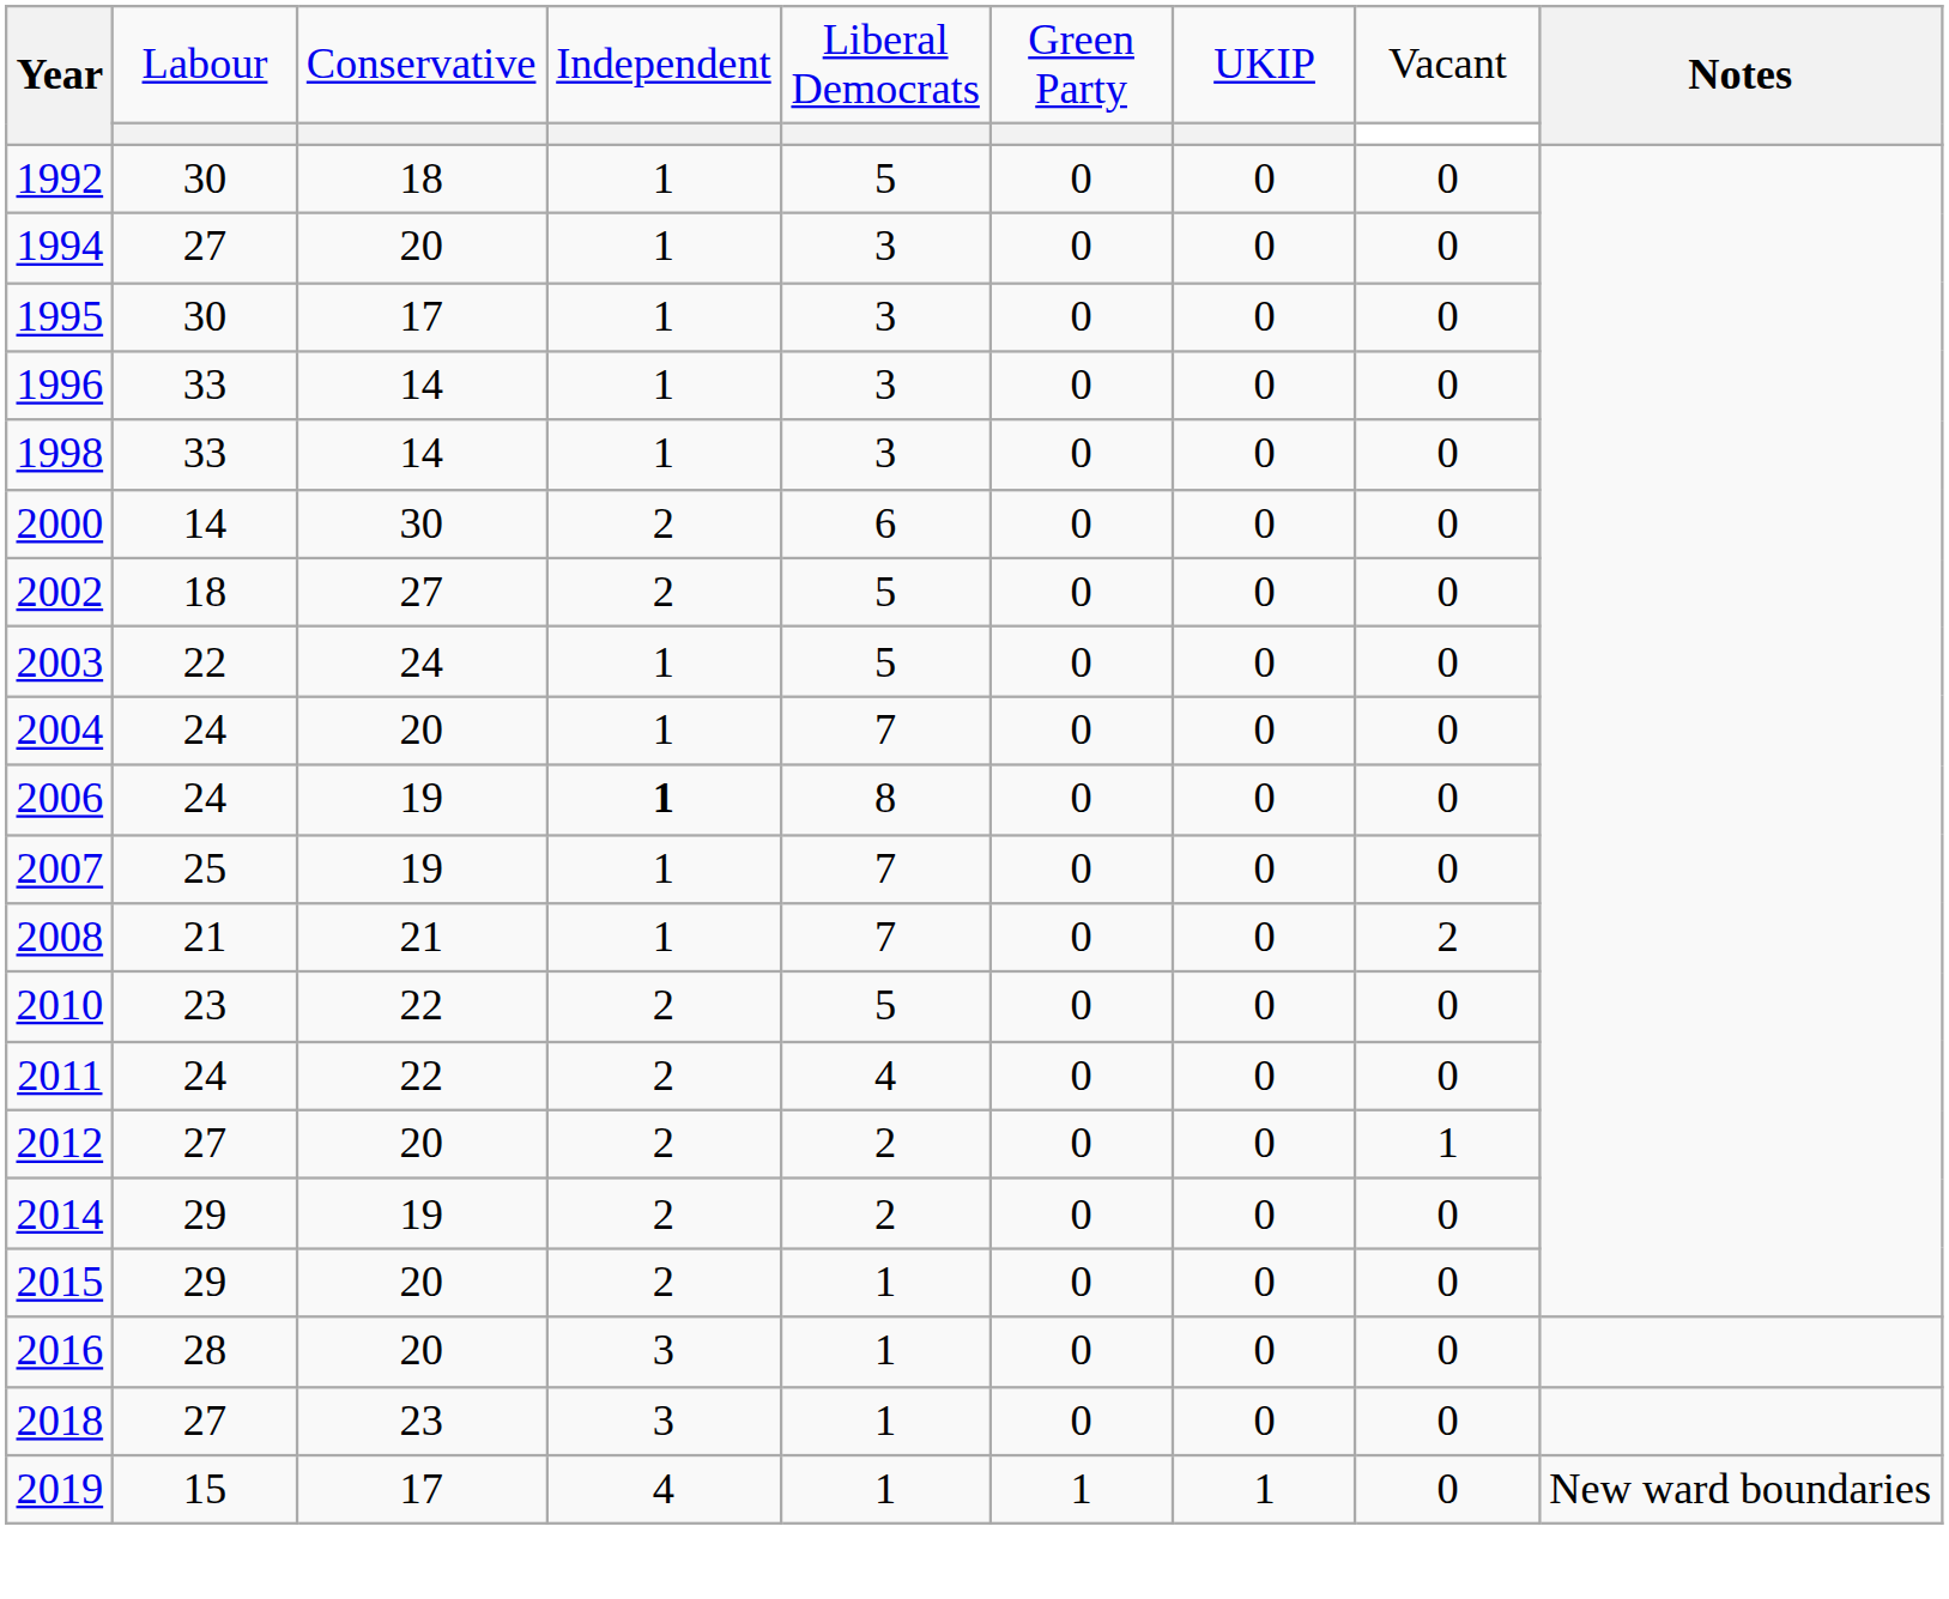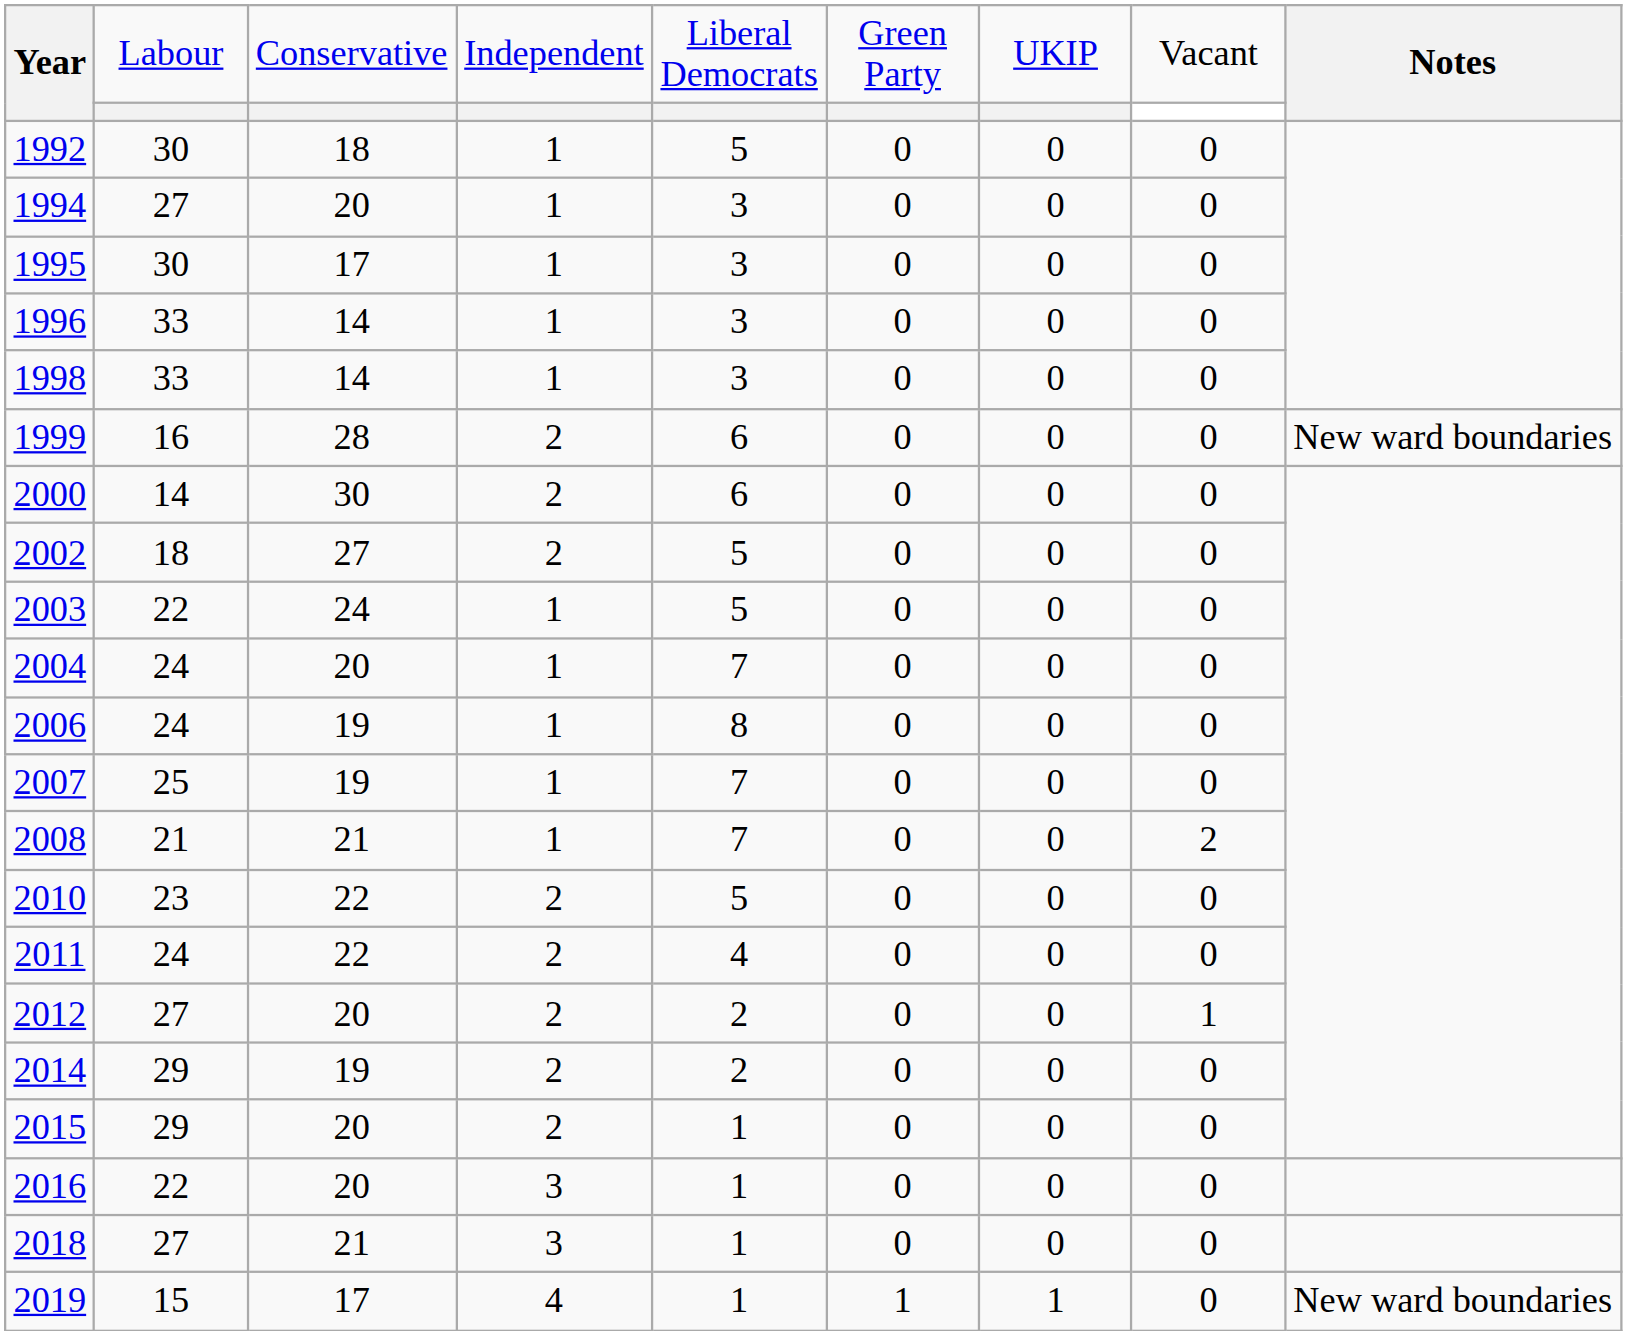 <table class=wikitable style=text-align:center>
 <tr>
 <th rowspan=2>Year</th>
 <td width="60"><a href='#'>Labour</a></td>
 <td width="60"><a href='#'>Conservative</a></td>
 <td width="60"><a href='#'>Independent</a></td>
 <td width="60"><a href='#'>Liberal Democrats</a></td>
 <td width="60"><a href='#'>Green Party</a></td>
 <td width="60"><a href='#'>UKIP</a></td>
 <td width="60">Vacant</td>
 <th rowspan="2">Notes</th>
 </tr>
 <tr>
 <th style="background-color: "></th>
 <th style="background-color: "></th>
 <th style="background-color: "></th>
 <th style="background-color: "></th>
 <th style="background-color: "></th>
 <th style="background-color: "></th>
 <th style="background-color: white; width: 3px;"></th>
 </tr>
 <tr>
 <td><a href='#'>1992</a></td>
 <td>30</td>
 <td>18</td>
 <td>1</td>
 <td>5</td>
 <td>0</td>
 <td>0</td>
 <td>0</td>
 </tr>
 <tr>
 <td><a href='#'>1994</a></td>
 <td>27</td>
 <td>20</td>
 <td>1</td>
 <td>3</td>
 <td>0</td>
 <td>0</td>
 <td>0</td>
 </tr>
 <tr>
 <td><a href='#'>1995</a></td>
 <td>30</td>
 <td>17</td>
 <td>1</td>
 <td>3</td>
 <td>0</td>
 <td>0</td>
 <td>0</td>
 </tr>
 <tr>
 <td><a href='#'>1996</a></td>
 <td>33</td>
 <td>14</td>
 <td>1</td>
 <td>3</td>
 <td>0</td>
 <td>0</td>
 <td>0</td>
 </tr>
 <tr>
 <td><a href='#'>1998</a></td>
 <td>33</td>
 <td>14</td>
 <td>1</td>
 <td>3</td>
 <td>0</td>
 <td>0</td>
 <td>0</td>
 </tr>
 <tr>
+<td><a href='#'>1999</a></td>
+<td>16</td>
+<td>28</td>
+<td>2</td>
+<td>6</td>
+<td>0</td>
+<td>0</td>
+<td>0</td>
+<td>New ward boundaries</td>
+</tr>
+<tr>
 <td><a href='#'>2000</a></td>
 <td>14</td>
 <td>30</td>
 <td>2</td>
 <td>6</td>
 <td>0</td>
 <td>0</td>
 <td>0</td>
 </tr>
 <tr>
 <td><a href='#'>2002</a></td>
 <td>18</td>
 <td>27</td>
 <td>2</td>
 <td>5</td>
 <td>0</td>
 <td>0</td>
 <td>0</td>
 </tr>
 <tr>
 <td><a href='#'>2003</a></td>
 <td>22</td>
 <td>24</td>
 <td>1</td>
 <td>5</td>
 <td>0</td>
 <td>0</td>
 <td>0</td>
 </tr>
 <tr>
 <td><a href='#'>2004</a></td>
 <td>24</td>
 <td>20</td>
 <td>1</td>
 <td>7</td>
 <td>0</td>
 <td>0</td>
 <td>0</td>
 </tr>
 <tr>
 <td><a href='#'>2006</a></td>
 <td>24</td>
 <td>19</td>
-<td><strong>1</strong></td>
+<td>1</td>
 <td>8</td>
 <td>0</td>
 <td>0</td>
 <td>0</td>
 </tr>
 <tr>
 <td><a href='#'>2007</a></td>
 <td>25</td>
 <td>19</td>
 <td>1</td>
 <td>7</td>
 <td>0</td>
 <td>0</td>
 <td>0</td>
 </tr>
 <tr>
 <td><a href='#'>2008</a></td>
 <td>21</td>
 <td>21</td>
 <td>1</td>
 <td>7</td>
 <td>0</td>
 <td>0</td>
 <td>2</td>
 </tr>
 <tr>
 <td><a href='#'>2010</a></td>
 <td>23</td>
 <td>22</td>
 <td>2</td>
 <td>5</td>
 <td>0</td>
 <td>0</td>
 <td>0</td>
 </tr>
 <tr>
 <td><a href='#'>2011</a></td>
 <td>24</td>
 <td>22</td>
 <td>2</td>
 <td>4</td>
 <td>0</td>
 <td>0</td>
 <td>0</td>
 </tr>
 <tr>
 <td><a href='#'>2012</a></td>
 <td>27</td>
 <td>20</td>
 <td>2</td>
 <td>2</td>
 <td>0</td>
 <td>0</td>
 <td>1</td>
 </tr>
 <tr>
 <td><a href='#'>2014</a></td>
 <td>29</td>
 <td>19</td>
 <td>2</td>
 <td>2</td>
 <td>0</td>
 <td>0</td>
 <td>0</td>
 </tr>
 <tr>
 <td><a href='#'>2015</a></td>
 <td>29</td>
 <td>20</td>
 <td>2</td>
 <td>1</td>
 <td>0</td>
 <td>0</td>
 <td>0</td>
 </tr>
 <tr>
 <td><a href='#'>2016</a></td>
-<td>28</td>
+<td>22</td>
 <td>20</td>
 <td>3</td>
 <td>1</td>
 <td>0</td>
 <td>0</td>
 <td>0</td>
 <td></td>
 </tr>
 <tr>
 <td><a href='#'>2018</a></td>
 <td>27</td>
-<td>23</td>
+<td>21</td>
 <td>3</td>
 <td>1</td>
 <td>0</td>
 <td>0</td>
 <td>0</td>
 <td></td>
 </tr>
 <tr>
 <td><a href='#'>2019</a></td>
 <td>15</td>
 <td>17</td>
 <td>4</td>
 <td>1</td>
 <td>1</td>
 <td>1</td>
 <td>0</td>
 <td>New ward boundaries</td>
 </tr>
 </table>
